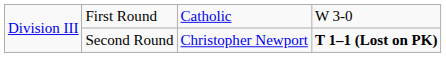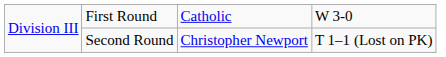 <table class="wikitable">
 <tr>
 <td rowspan="2"><a href='#'>Division III</a></td>
 <td>First Round</td>
 <td><a href='#'>Catholic</a></td>
 <td>W 3-0</td>
 </tr>
 <tr>
 <td>Second Round</td>
 <td><a href='#'>Christopher Newport</a></td>
-<td><strong>T 1–1 (Lost on PK)</strong></td>
+<td>T 1–1 (Lost on PK)</td>
 </tr>
 </table>
